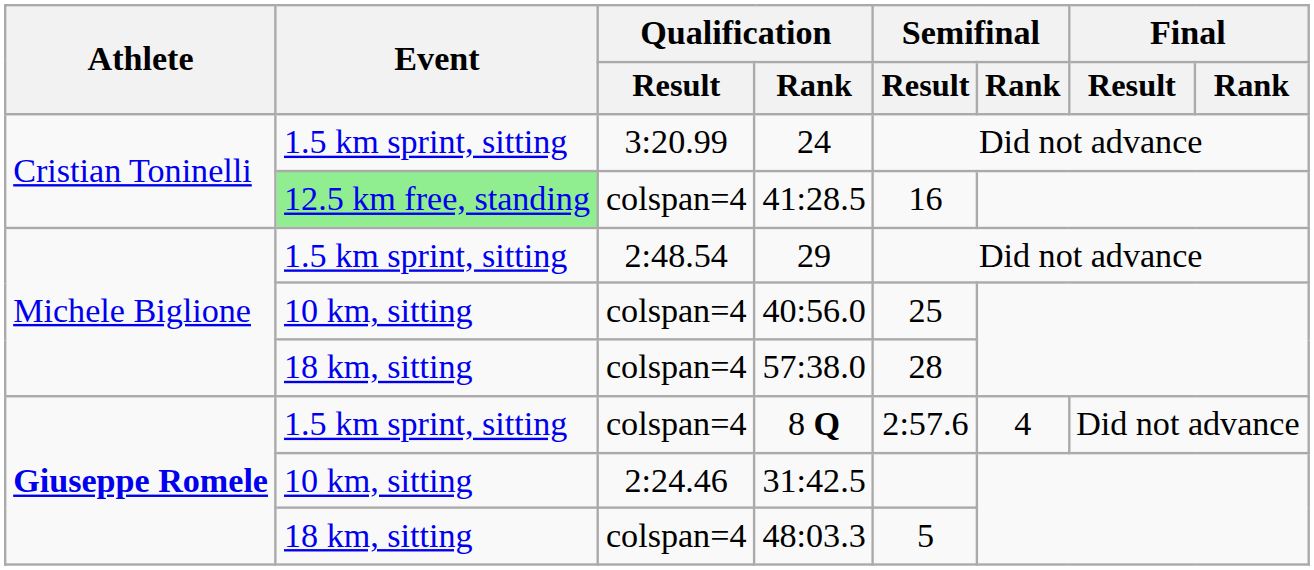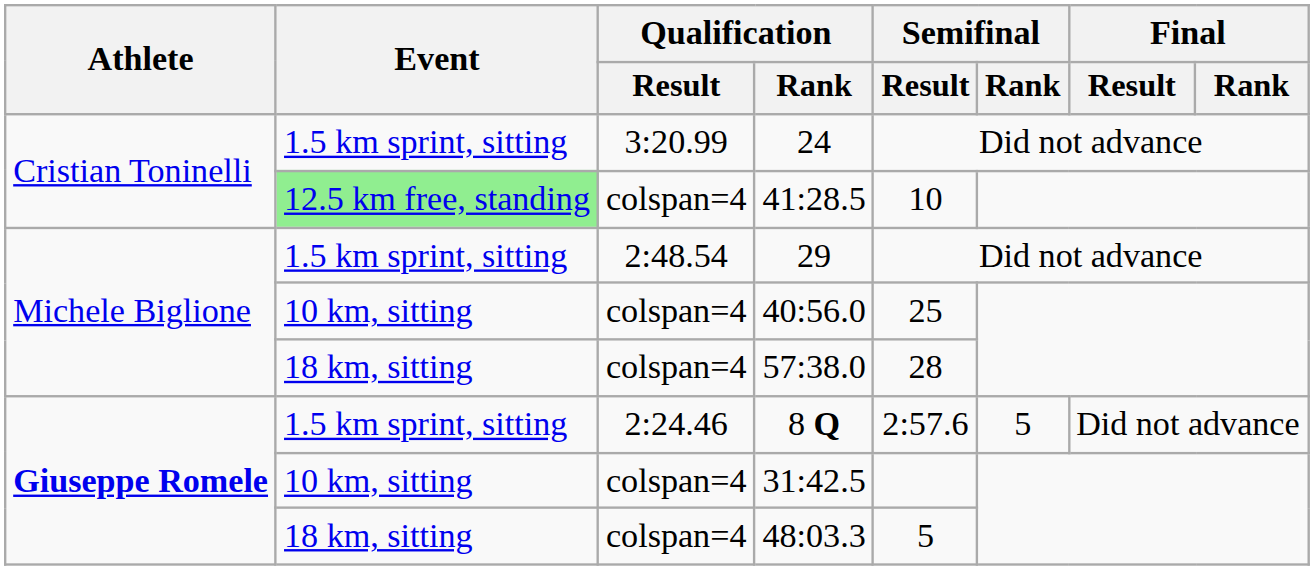 <table class="wikitable" style="font-size:90%">
 <tr>
 <th rowspan=2>Athlete</th>
 <th rowspan=2>Event</th>
 <th colspan=2>Qualification</th>
 <th colspan=2>Semifinal</th>
 <th colspan=2>Final</th>
 </tr>
 <tr style="font-size:95%">
 <th>Result</th>
 <th>Rank</th>
 <th>Result</th>
 <th>Rank</th>
 <th>Result</th>
 <th>Rank</th>
 </tr>
 <tr align=center>
 <td style="text-align:left;" rowspan="2"><a href='#'>Cristian Toninelli</a></td>
 <td align=left><a href='#'>1.5 km sprint, sitting</a></td>
 <td>3:20.99</td>
 <td>24</td>
 <td colspan=4>Did not advance</td>
 </tr>
 <tr align=center>
 <td align=left style="background: lightgreen;"><a href='#'>12.5 km free, standing</a></td>
 <td>colspan=4 </td>
 <td>41:28.5</td>
-<td>16</td>
+<td>10</td>
 </tr>
 <tr align=center>
 <td style="text-align:left;" rowspan="3"><a href='#'>Michele Biglione</a></td>
 <td align=left><a href='#'>1.5 km sprint, sitting</a></td>
 <td>2:48.54</td>
 <td>29</td>
 <td colspan=4>Did not advance</td>
 </tr>
 <tr align=center>
 <td align=left><a href='#'>10 km, sitting</a></td>
 <td>colspan=4 </td>
 <td>40:56.0</td>
 <td>25</td>
 </tr>
 <tr align=center>
 <td align=left><a href='#'>18 km, sitting</a></td>
 <td>colspan=4 </td>
 <td>57:38.0</td>
 <td>28</td>
 </tr>
 <tr align=center>
 <td style="text-align:left;" rowspan="3"><strong><a href='#'>Giuseppe Romele</a></strong></td>
 <td align=left><a href='#'>1.5 km sprint, sitting</a></td>
-<td>colspan=4 </td>
+<td>2:24.46</td>
 <td>8 <strong>Q</strong></td>
 <td>2:57.6</td>
-<td>4</td>
+<td>5</td>
 <td colspan=2>Did not advance</td>
 </tr>
 <tr align=center>
 <td align=left><a href='#'>10 km, sitting</a></td>
-<td>2:24.46</td>
+<td>colspan=4 </td>
 <td>31:42.5</td>
 <td></td>
 </tr>
 <tr align=center>
 <td align=left><a href='#'>18 km, sitting</a></td>
 <td>colspan=4 </td>
 <td>48:03.3</td>
 <td>5</td>
 </tr>
 </table>
